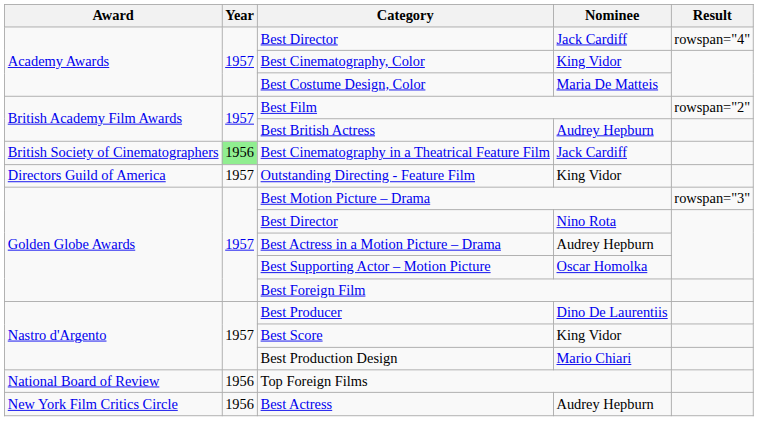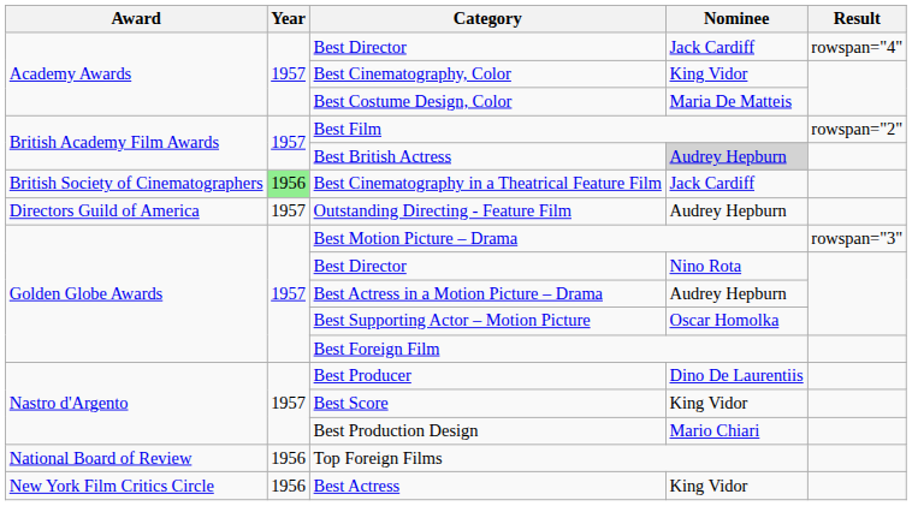 <table class="wikitable plainrowheaders sortable">
 <tr>
 <th>Award</th>
 <th>Year</th>
 <th>Category</th>
 <th>Nominee</th>
 <th>Result</th>
 </tr>
 <tr>
 <td rowspan="3"><a href='#'>Academy Awards</a></td>
 <td rowspan="3"><a href='#'>1957</a></td>
 <td><a href='#'>Best Director</a></td>
 <td><a href='#'>Jack Cardiff</a></td>
 <td>rowspan="4" </td>
 </tr>
 <tr>
 <td><a href='#'>Best Cinematography, Color</a></td>
 <td><a href='#'>King Vidor</a></td>
 </tr>
 <tr>
 <td><a href='#'>Best Costume Design, Color</a></td>
 <td><a href='#'>Maria De Matteis</a></td>
 </tr>
 <tr>
 <td rowspan="2"><a href='#'>British Academy Film Awards</a></td>
 <td rowspan="2"><a href='#'>1957</a></td>
 <td colspan="2"><a href='#'>Best Film</a></td>
 <td>rowspan="2" </td>
 </tr>
 <tr>
 <td><a href='#'>Best British Actress</a></td>
-<td><a href='#'>Audrey Hepburn</a></td>
+<td style="background: lightgrey;"><a href='#'>Audrey Hepburn</a></td>
 </tr>
 <tr>
 <td><a href='#'>British Society of Cinematographers</a></td>
 <td style="background: lightgreen;">1956</td>
 <td><a href='#'>Best Cinematography in a Theatrical Feature Film</a></td>
 <td><a href='#'>Jack Cardiff</a></td>
 <td></td>
 </tr>
 <tr>
 <td><a href='#'>Directors Guild of America</a></td>
 <td>1957</td>
 <td><a href='#'>Outstanding Directing - Feature Film</a></td>
-<td>King Vidor</td>
+<td>Audrey Hepburn</td>
 <td></td>
 </tr>
 <tr>
 <td rowspan="5"><a href='#'>Golden Globe Awards</a></td>
 <td rowspan="5"><a href='#'>1957</a></td>
 <td colspan="2"><a href='#'>Best Motion Picture – Drama</a></td>
 <td>rowspan="3" </td>
 </tr>
 <tr>
 <td><a href='#'>Best Director</a></td>
 <td><a href='#'>Nino Rota</a></td>
 </tr>
 <tr>
 <td><a href='#'>Best Actress in a Motion Picture – Drama</a></td>
 <td>Audrey Hepburn</td>
 </tr>
 <tr>
 <td><a href='#'>Best Supporting Actor – Motion Picture</a></td>
 <td><a href='#'>Oscar Homolka</a></td>
 </tr>
 <tr>
 <td colspan="2"><a href='#'>Best Foreign Film</a></td>
 <td></td>
 </tr>
 <tr>
 <td rowspan="3"><a href='#'>Nastro d'Argento</a></td>
 <td rowspan="3">1957</td>
 <td><a href='#'>Best Producer</a></td>
 <td><a href='#'>Dino De Laurentiis</a></td>
 <td></td>
 </tr>
 <tr>
 <td><a href='#'>Best Score</a></td>
 <td>King Vidor</td>
 <td></td>
 </tr>
 <tr>
 <td>Best Production Design</td>
 <td><a href='#'>Mario Chiari</a></td>
 <td></td>
 </tr>
 <tr>
 <td><a href='#'>National Board of Review</a></td>
 <td>1956</td>
 <td colspan="2">Top Foreign Films</td>
 <td></td>
 </tr>
 <tr>
 <td><a href='#'>New York Film Critics Circle</a></td>
 <td>1956</td>
 <td><a href='#'>Best Actress</a></td>
-<td>Audrey Hepburn</td>
+<td>King Vidor</td>
 <td></td>
 </tr>
 </table>
